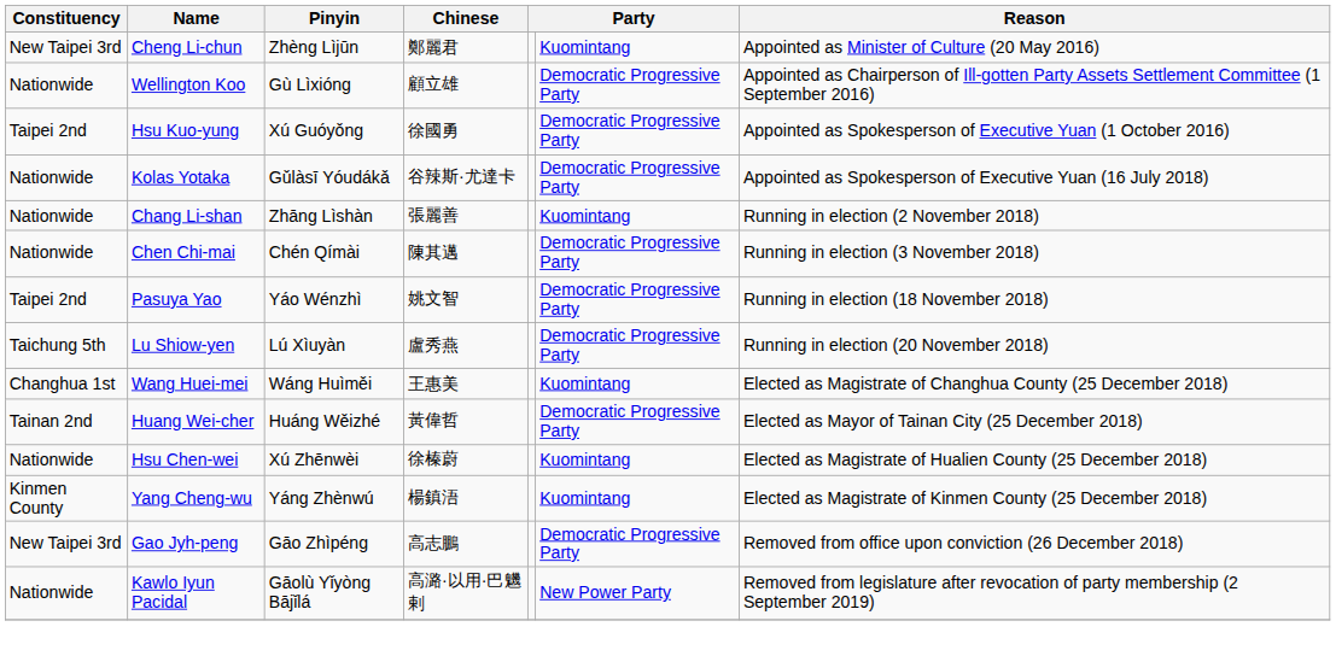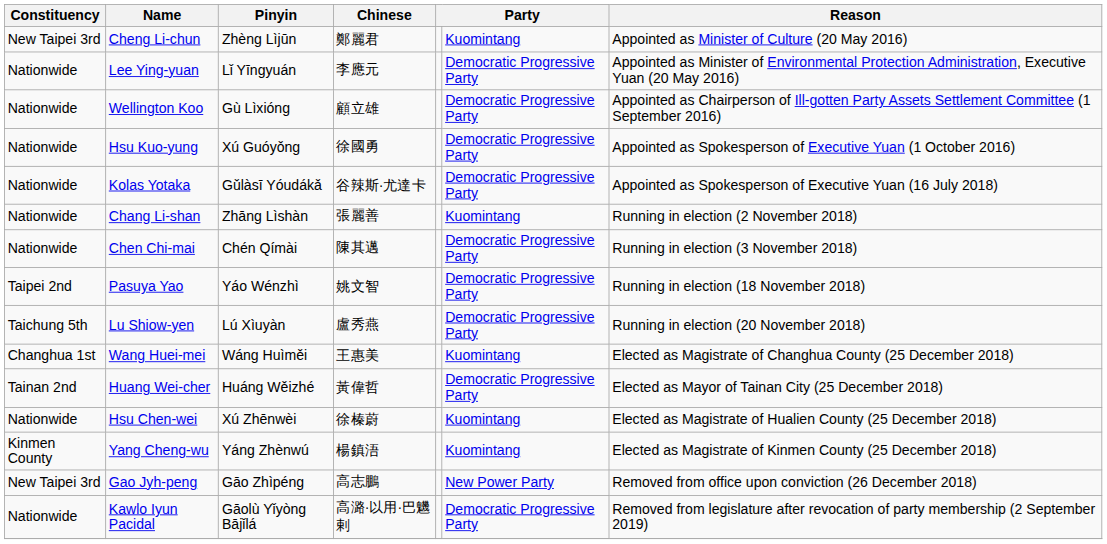 <table class=wikitable>
 <tr>
 <th>Constituency</th>
 <th>Name</th>
 <th>Pinyin</th>
 <th>Chinese</th>
 <th colspan=2>Party</th>
 <th>Reason</th>
 </tr>
 <tr>
 <td>New Taipei 3rd</td>
 <td><a href='#'>Cheng Li-chun</a></td>
 <td>Zhèng Lìjūn</td>
 <td>鄭麗君</td>
 <td style="background-color: "></td>
 <td><a href='#'>Kuomintang</a></td>
 <td>Appointed as <a href='#'>Minister of Culture</a> (20 May 2016)</td>
 </tr>
 <tr>
 <td>Nationwide</td>
+<td><a href='#'>Lee Ying-yuan</a></td>
+<td>Lǐ Yīngyuán</td>
+<td>李應元</td>
+<td style="background-color: "></td>
+<td><a href='#'>Democratic Progressive Party</a></td>
+<td>Appointed as Minister of <a href='#'>Environmental Protection Administration</a>, Executive Yuan (20 May 2016)</td>
+</tr>
+<tr>
+<td>Nationwide</td>
 <td><a href='#'>Wellington Koo</a></td>
 <td>Gù Lìxióng</td>
 <td>顧立雄</td>
 <td style="background-color: "></td>
 <td><a href='#'>Democratic Progressive Party</a></td>
 <td>Appointed as Chairperson of <a href='#'>Ill-gotten Party Assets Settlement Committee</a> (1 September 2016)</td>
 </tr>
 <tr>
-<td>Taipei 2nd</td>
+<td>Nationwide</td>
 <td><a href='#'>Hsu Kuo-yung</a></td>
 <td>Xú Guóyǒng</td>
 <td>徐國勇</td>
 <td style="background-color: "></td>
 <td><a href='#'>Democratic Progressive Party</a></td>
 <td>Appointed as Spokesperson of <a href='#'>Executive Yuan</a> (1 October 2016)</td>
 </tr>
 <tr>
 <td>Nationwide</td>
 <td><a href='#'>Kolas Yotaka</a></td>
 <td>Gǔlàsī Yóudákǎ</td>
 <td>谷辣斯·尤達卡</td>
 <td style="background-color: "></td>
 <td><a href='#'>Democratic Progressive Party</a></td>
 <td>Appointed as Spokesperson of Executive Yuan (16 July 2018)</td>
 </tr>
 <tr>
 <td>Nationwide</td>
 <td><a href='#'>Chang Li-shan</a></td>
 <td>Zhāng Lìshàn</td>
 <td>張麗善</td>
 <td style="background-color: "></td>
 <td><a href='#'>Kuomintang</a></td>
 <td>Running in election (2 November 2018)</td>
 </tr>
 <tr>
 <td>Nationwide</td>
 <td><a href='#'>Chen Chi-mai</a></td>
 <td>Chén Qímài</td>
 <td>陳其邁</td>
 <td style="background-color: "></td>
 <td><a href='#'>Democratic Progressive Party</a></td>
 <td>Running in election (3 November 2018)</td>
 </tr>
 <tr>
 <td>Taipei 2nd</td>
 <td><a href='#'>Pasuya Yao</a></td>
 <td>Yáo Wénzhì</td>
 <td>姚文智</td>
 <td style="background-color: "></td>
 <td><a href='#'>Democratic Progressive Party</a></td>
 <td>Running in election (18 November 2018)</td>
 </tr>
 <tr>
 <td>Taichung 5th</td>
 <td><a href='#'>Lu Shiow-yen</a></td>
 <td>Lú Xìuyàn</td>
 <td>盧秀燕</td>
 <td style="background-color: "></td>
 <td><a href='#'>Democratic Progressive Party</a></td>
 <td>Running in election (20 November 2018)</td>
 </tr>
 <tr>
 <td>Changhua 1st</td>
 <td><a href='#'>Wang Huei-mei</a></td>
 <td>Wáng Huìměi</td>
 <td>王惠美</td>
 <td style="background-color: "></td>
 <td><a href='#'>Kuomintang</a></td>
 <td>Elected as Magistrate of Changhua County (25 December 2018)</td>
 </tr>
 <tr>
 <td>Tainan 2nd</td>
 <td><a href='#'>Huang Wei-cher</a></td>
 <td>Huáng Wěizhé</td>
 <td>黃偉哲</td>
 <td style="background-color: "></td>
 <td><a href='#'>Democratic Progressive Party</a></td>
 <td>Elected as Mayor of Tainan City (25 December 2018)</td>
 </tr>
 <tr>
 <td>Nationwide</td>
 <td><a href='#'>Hsu Chen-wei</a></td>
 <td>Xú Zhēnwèi</td>
 <td>徐榛蔚</td>
 <td style="background-color: "></td>
 <td><a href='#'>Kuomintang</a></td>
 <td>Elected as Magistrate of Hualien County (25 December 2018)</td>
 </tr>
 <tr>
 <td>Kinmen County</td>
 <td><a href='#'>Yang Cheng-wu</a></td>
 <td>Yáng Zhènwú</td>
 <td>楊鎮浯</td>
 <td style="background-color: "></td>
 <td><a href='#'>Kuomintang</a></td>
 <td>Elected as Magistrate of Kinmen County (25 December 2018)</td>
 </tr>
 <tr>
 <td>New Taipei 3rd</td>
 <td><a href='#'>Gao Jyh-peng</a></td>
 <td>Gāo Zhìpéng</td>
 <td>高志鵬</td>
 <td style="background-color: "></td>
-<td><a href='#'>Democratic Progressive Party</a></td>
+<td><a href='#'>New Power Party</a></td>
 <td>Removed from office upon conviction (26 December 2018)</td>
 </tr>
 <tr>
 <td>Nationwide</td>
 <td><a href='#'>Kawlo Iyun Pacidal</a></td>
 <td>Gāolù Yǐyòng Bājǐlá</td>
 <td>高潞·以用·巴魕剌</td>
 <td style="background-color: "></td>
-<td><a href='#'>New Power Party</a></td>
+<td><a href='#'>Democratic Progressive Party</a></td>
 <td>Removed from legislature after revocation of party membership (2 September 2019)</td>
 </tr>
 <tr>
 </tr>
 </table>
